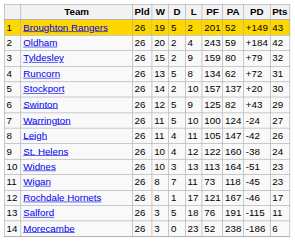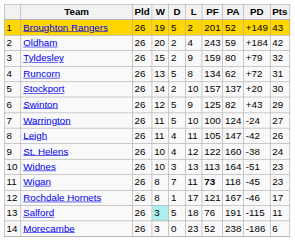 <table class="wikitable" style="text-align:left;">
 <tr>
 <th width=20 abbr="Position"></th>
 <th width=175>Team</th>
 <th width=20 abbr="Played">Pld</th>
 <th width=20 abbr="Won">W</th>
 <th width=20 abbr="Drawn">D</th>
 <th width=20 abbr="Lost">L</th>
 <th width=20 abbr="Points for">PF</th>
 <th width=20 abbr="Points against">PA</th>
 <th width=20 abbr="Points difference">PD</th>
 <th width=20 abbr="Points">Pts</th>
 </tr>
 <tr>
 </tr>
 <tr style="background:#FFD700;">
 <td>1</td>
 <td> <a href='#'>Broughton Rangers</a></td>
 <td>26</td>
 <td>19</td>
 <td>5</td>
 <td>2</td>
 <td>201</td>
 <td>52</td>
 <td>+149</td>
 <td>43</td>
 </tr>
 <tr>
 <td>2</td>
 <td> <a href='#'>Oldham</a></td>
 <td>26</td>
 <td>20</td>
 <td>2</td>
 <td>4</td>
 <td>243</td>
 <td>59</td>
 <td>+184</td>
 <td>42</td>
 </tr>
 <tr>
 <td>3</td>
 <td><a href='#'>Tyldesley</a></td>
 <td>26</td>
 <td>15</td>
 <td>2</td>
 <td>9</td>
 <td>159</td>
 <td>80</td>
 <td>+79</td>
 <td>32</td>
 </tr>
 <tr>
 <td>4</td>
 <td><a href='#'>Runcorn</a></td>
 <td>26</td>
 <td>13</td>
 <td>5</td>
 <td>8</td>
 <td>134</td>
 <td>62</td>
 <td>+72</td>
 <td>31</td>
 </tr>
 <tr>
 <td>5</td>
 <td><a href='#'>Stockport</a></td>
 <td>26</td>
 <td>14</td>
 <td>2</td>
 <td>10</td>
 <td>157</td>
 <td>137</td>
 <td>+20</td>
 <td>30</td>
 </tr>
 <tr>
 <td>6</td>
 <td> <a href='#'>Swinton</a></td>
 <td>26</td>
 <td>12</td>
 <td>5</td>
 <td>9</td>
 <td>125</td>
 <td>82</td>
 <td>+43</td>
 <td>29</td>
 </tr>
 <tr>
 <td>7</td>
 <td> <a href='#'>Warrington</a></td>
 <td>26</td>
 <td>11</td>
 <td>5</td>
 <td>10</td>
 <td>100</td>
 <td>124</td>
 <td>-24</td>
 <td>27</td>
 </tr>
 <tr>
 <td>8</td>
 <td> <a href='#'>Leigh</a></td>
 <td>26</td>
 <td>11</td>
 <td>4</td>
 <td>11</td>
 <td>105</td>
 <td>147</td>
 <td>-42</td>
 <td>26</td>
 </tr>
 <tr>
 <td>9</td>
 <td> <a href='#'>St. Helens</a></td>
 <td>26</td>
 <td>10</td>
 <td>4</td>
 <td>12</td>
 <td>122</td>
 <td>160</td>
 <td>-38</td>
 <td>24</td>
 </tr>
 <tr>
 <td>10</td>
 <td> <a href='#'>Widnes</a></td>
 <td>26</td>
 <td>10</td>
 <td>3</td>
 <td>13</td>
 <td>113</td>
 <td>164</td>
 <td>-51</td>
 <td>23</td>
 </tr>
 <tr>
 <td>11</td>
 <td> <a href='#'>Wigan</a></td>
 <td>26</td>
 <td>8</td>
 <td>7</td>
 <td>11</td>
-<td>73</td>
+<td><strong>73</strong></td>
 <td>118</td>
 <td>-45</td>
 <td>23</td>
 </tr>
 <tr>
 <td>12</td>
 <td> <a href='#'>Rochdale Hornets</a></td>
 <td>26</td>
 <td>8</td>
 <td>1</td>
 <td>17</td>
 <td>121</td>
 <td>167</td>
 <td>-46</td>
 <td>17</td>
 </tr>
 <tr>
 <td>13</td>
 <td> <a href='#'>Salford</a></td>
 <td>26</td>
-<td>3</td>
+<td style="background: paleturquoise;">3</td>
 <td>5</td>
 <td>18</td>
 <td>76</td>
 <td>191</td>
 <td>-115</td>
 <td>11</td>
 </tr>
 <tr>
 <td>14</td>
 <td><a href='#'>Morecambe</a></td>
 <td>26</td>
 <td>3</td>
 <td>0</td>
 <td>23</td>
 <td>52</td>
 <td>238</td>
 <td>-186</td>
 <td>6</td>
 </tr>
 <tr>
 </tr>
 </table>
